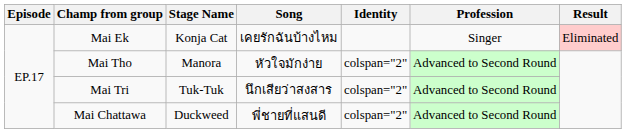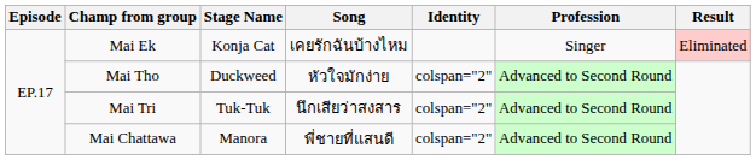 <table class="wikitable">
 <tr>
 <th>Episode</th>
 <th>Champ from group</th>
 <th>Stage Name</th>
 <th>Song</th>
 <th>Identity</th>
 <th>Profession</th>
 <th>Result</th>
 </tr>
 <tr>
 <td rowspan="5" align="center">EP.17</td>
 <td align="center">Mai Ek</td>
 <td style="text-align:center;">Konja Cat</td>
 <td style="text-align:center;">เคยรักฉันบ้างไหม</td>
 <td style="text-align:center;"></td>
 <td style="text-align:center;">Singer</td>
 <td style="text-align:center; background:#ffcccc;">Eliminated</td>
 </tr>
 <tr>
 <td align="center">Mai Tho</td>
-<td style="text-align:center;">Manora</td>
+<td style="text-align:center;">Duckweed</td>
 <td style="text-align:center;">หัวใจมักง่าย</td>
 <td>colspan="2"  </td>
 <td style="text-align:center; background:#ccffcc;">Advanced to Second Round</td>
 </tr>
 <tr>
 <td align="center">Mai Tri</td>
 <td style="text-align:center;">Tuk-Tuk</td>
 <td style="text-align:center;">นึกเสียว่าสงสาร</td>
 <td>colspan="2"  </td>
 <td style="text-align:center; background:#ccffcc;">Advanced to Second Round</td>
 </tr>
 <tr>
 <td align="center">Mai Chattawa</td>
-<td style="text-align:center;">Duckweed</td>
+<td style="text-align:center;">Manora</td>
 <td style="text-align:center;">พี่ชายที่แสนดี</td>
 <td>colspan="2"  </td>
 <td style="text-align:center; background:#ccffcc;">Advanced to Second Round</td>
 </tr>
 </table>
